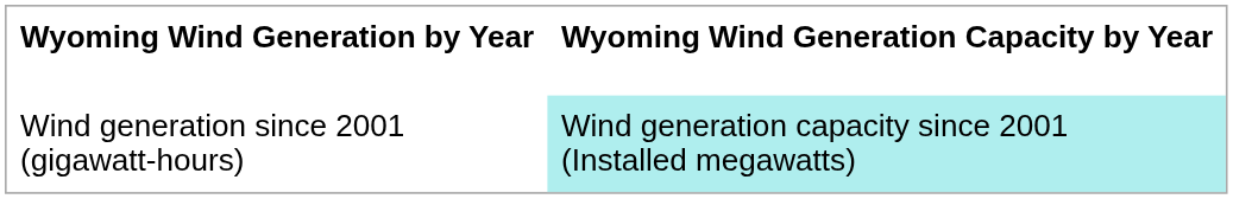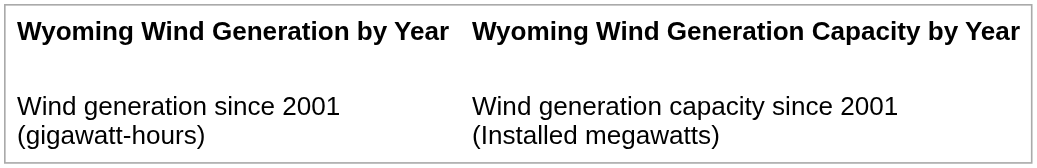 <table style="border:solid 1px #aaa; margin-right:1em" cellpadding="7" cellspacing="0" class="floatleft">
 <tr>
 <th><strong>Wyoming Wind Generation by Year</strong></th>
 <th><strong>Wyoming Wind Generation Capacity by Year</strong></th>
 </tr>
 <tr>
 <td></td>
 <td></td>
 </tr>
 <tr>
 <td>Wind generation since 2001<br>(gigawatt-hours)</td>
-<td style="background: paleturquoise;">Wind generation capacity since 2001<br>(Installed megawatts)</td>
+<td>Wind generation capacity since 2001<br>(Installed megawatts)</td>
 </tr>
 </table>
